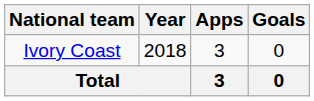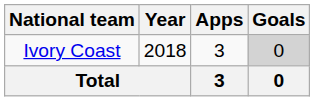 <table class="wikitable" style="text-align:center">
 <tr>
 <th>National team</th>
 <th>Year</th>
 <th>Apps</th>
 <th>Goals</th>
 </tr>
 <tr>
 <td><a href='#'>Ivory Coast</a></td>
 <td>2018</td>
 <td>3</td>
-<td>0</td>
+<td style="background: lightgrey;">0</td>
 </tr>
 <tr>
 <th colspan="2">Total</th>
 <th>3</th>
 <th>0</th>
 </tr>
 </table>
